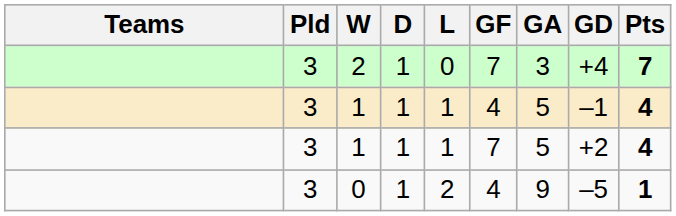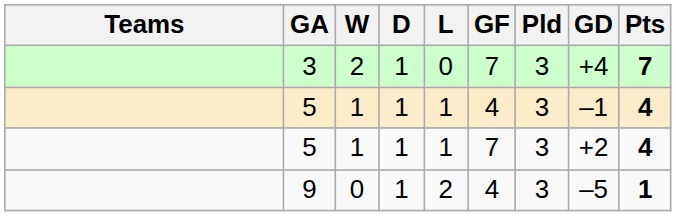 <table class="wikitable" style="text-align: center;">
 <tr>
 <th width=165>Teams</th>
-<th width=20>Pld</th>
+<th width=20>GA</th>
 <th width=20>W</th>
 <th width=20>D</th>
 <th width=20>L</th>
 <th width=20>GF</th>
-<th width=20>GA</th>
+<th width=20>Pld</th>
 <th width=20>GD</th>
 <th width=20>Pts</th>
 </tr>
 <tr align=center style="background:#ccffcc;">
 <td style="text-align:left;"></td>
 <td>3</td>
 <td>2</td>
 <td>1</td>
 <td>0</td>
 <td>7</td>
 <td>3</td>
 <td>+4</td>
 <td><strong>7</strong></td>
 </tr>
 <tr align=center style="background:#faecc8;">
 <td style="text-align:left;"></td>
-<td>3</td>
+<td>5</td>
 <td>1</td>
 <td>1</td>
 <td>1</td>
 <td>4</td>
-<td>5</td>
+<td>3</td>
 <td>–1</td>
 <td><strong>4</strong></td>
 </tr>
 <tr align=center>
 <td style="text-align:left;"></td>
-<td>3</td>
+<td>5</td>
 <td>1</td>
 <td>1</td>
 <td>1</td>
 <td>7</td>
-<td>5</td>
+<td>3</td>
 <td>+2</td>
 <td><strong>4</strong></td>
 </tr>
 <tr align=center>
 <td style="text-align:left;"></td>
-<td>3</td>
+<td>9</td>
 <td>0</td>
 <td>1</td>
 <td>2</td>
 <td>4</td>
-<td>9</td>
+<td>3</td>
 <td>–5</td>
 <td><strong>1</strong></td>
 </tr>
 </table>
